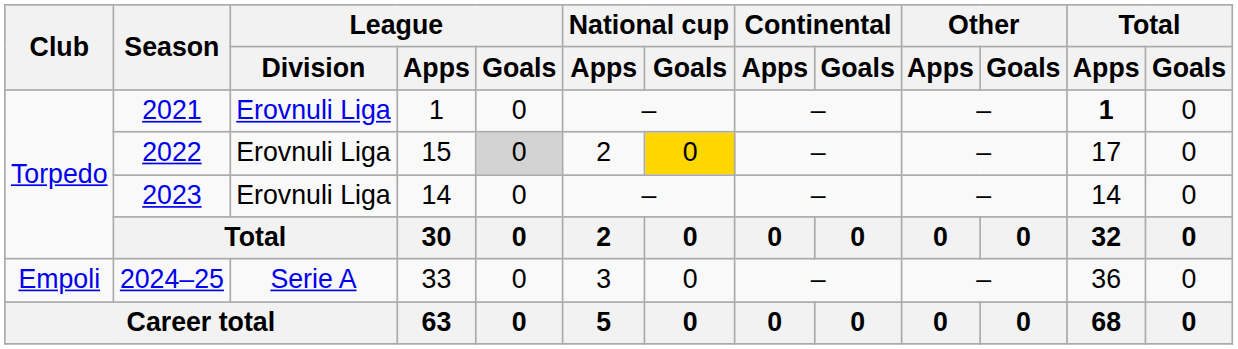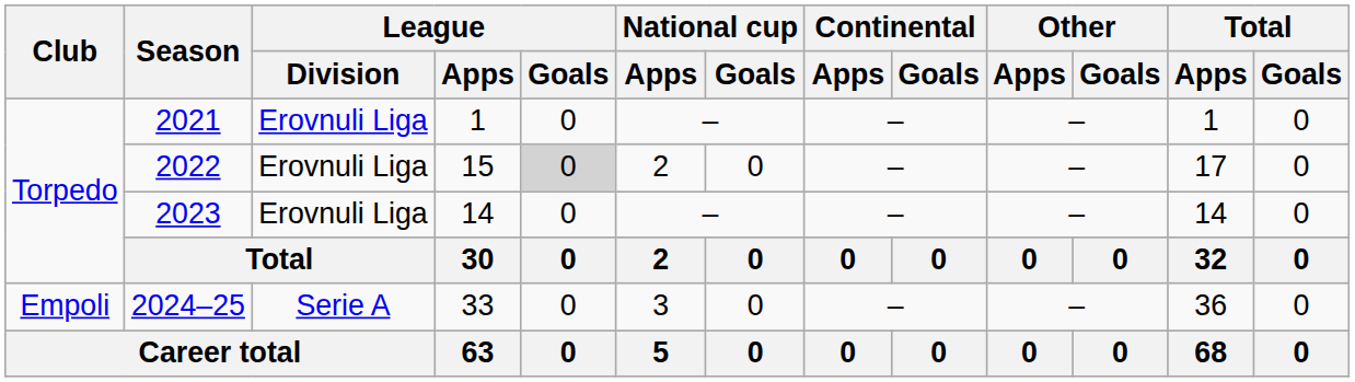 <table class="wikitable" style="text-align:center">
 <tr>
 <th rowspan="2">Club</th>
 <th rowspan="2">Season</th>
 <th colspan="3">League</th>
 <th colspan="2">National cup</th>
 <th colspan="2">Continental</th>
 <th colspan="2">Other</th>
 <th colspan="2">Total</th>
 </tr>
 <tr>
 <th>Division</th>
 <th>Apps</th>
 <th>Goals</th>
 <th>Apps</th>
 <th>Goals</th>
 <th>Apps</th>
 <th>Goals</th>
 <th>Apps</th>
 <th>Goals</th>
 <th>Apps</th>
 <th>Goals</th>
 </tr>
 <tr>
 <td rowspan="4"><a href='#'>Torpedo</a></td>
 <td><a href='#'>2021</a></td>
 <td><a href='#'>Erovnuli Liga</a></td>
 <td>1</td>
 <td>0</td>
 <td colspan="2">–</td>
 <td colspan="2">–</td>
 <td colspan="2">–</td>
-<td><strong>1</strong></td>
+<td>1</td>
 <td>0</td>
 </tr>
 <tr>
 <td><a href='#'>2022</a></td>
 <td>Erovnuli Liga</td>
 <td>15</td>
 <td style="background: lightgrey;">0</td>
 <td>2</td>
-<td style="background: gold;">0</td>
+<td>0</td>
 <td colspan="2">–</td>
 <td colspan="2">–</td>
 <td>17</td>
 <td>0</td>
 </tr>
 <tr>
 <td><a href='#'>2023</a></td>
 <td>Erovnuli Liga</td>
 <td>14</td>
 <td>0</td>
 <td colspan="2">–</td>
 <td colspan="2">–</td>
 <td colspan="2">–</td>
 <td>14</td>
 <td>0</td>
 </tr>
 <tr>
 <th colspan="2">Total</th>
 <th>30</th>
 <th>0</th>
 <th>2</th>
 <th>0</th>
 <th>0</th>
 <th>0</th>
 <th>0</th>
 <th>0</th>
 <th>32</th>
 <th>0</th>
 </tr>
 <tr>
 <td><a href='#'>Empoli</a></td>
 <td><a href='#'>2024–25</a></td>
 <td><a href='#'>Serie A</a></td>
 <td>33</td>
 <td>0</td>
 <td>3</td>
 <td>0</td>
 <td colspan="2">–</td>
 <td colspan="2">–</td>
 <td>36</td>
 <td>0</td>
 </tr>
 <tr>
 <th colspan="3">Career total</th>
 <th>63</th>
 <th>0</th>
 <th>5</th>
 <th>0</th>
 <th>0</th>
 <th>0</th>
 <th>0</th>
 <th>0</th>
 <th>68</th>
 <th>0</th>
 </tr>
 </table>
